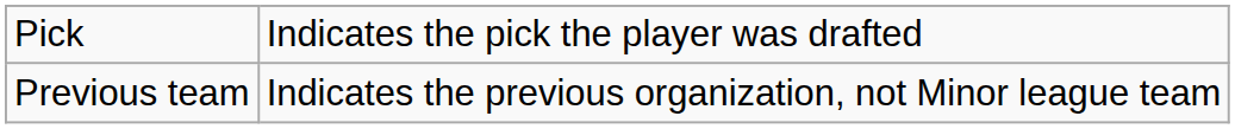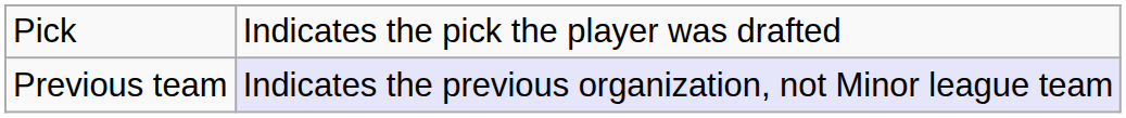 <table class="wikitable" border="1">
 <tr>
 <td>Pick</td>
 <td>Indicates the pick the player was drafted</td>
 </tr>
 <tr>
 <td>Previous team</td>
-<td>Indicates the previous organization, not Minor league team</td>
+<td style="background: lavender;">Indicates the previous organization, not Minor league team</td>
 </tr>
 </table>
